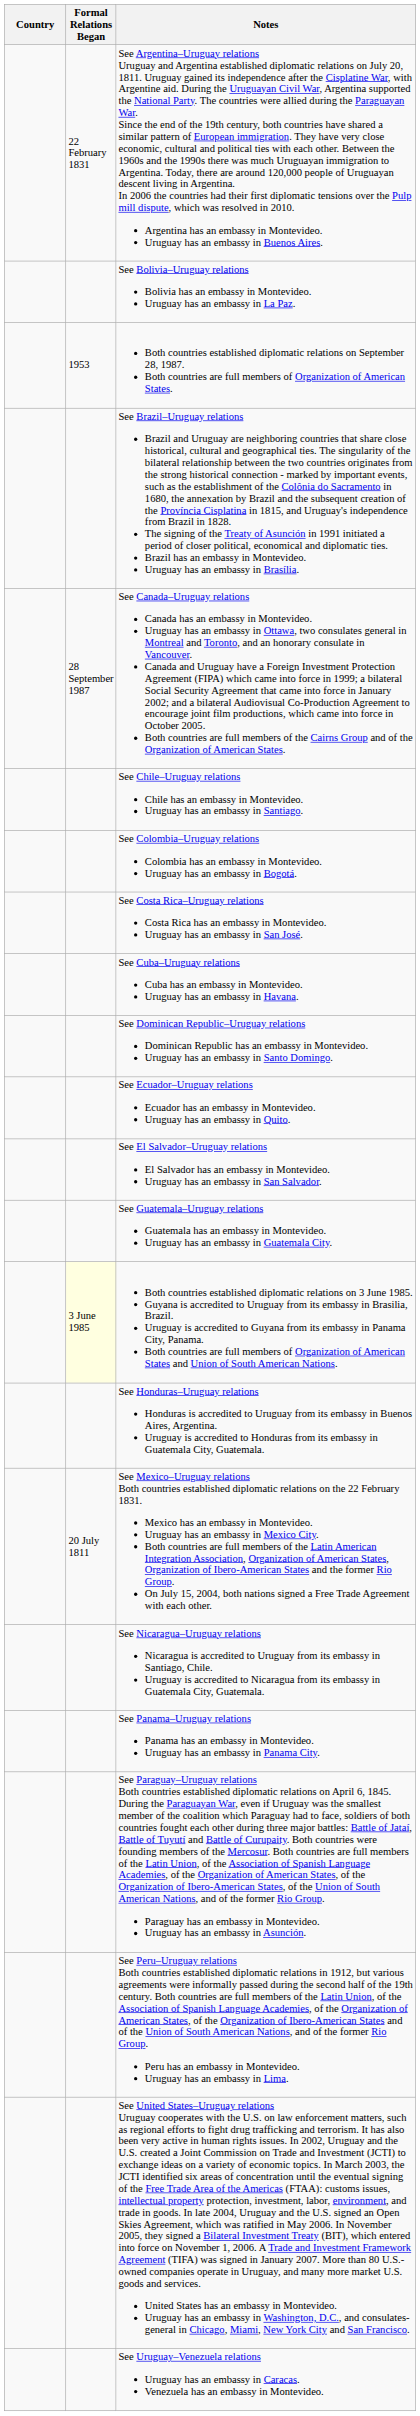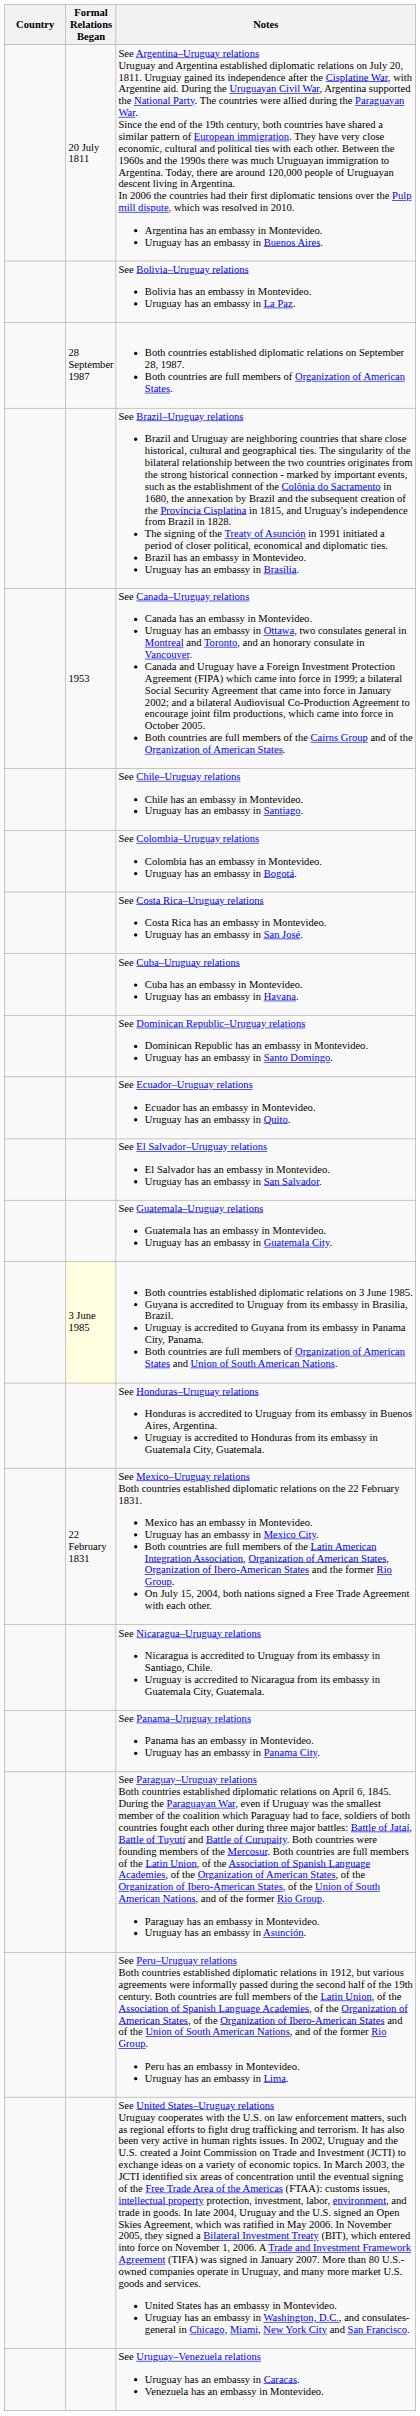 <table class="wikitable sortable" border="1" style="width:100%; margin:auto;">
 <tr>
 <th width="15%">Country</th>
 <th width="12%">Formal Relations Began</th>
 <th>Notes</th>
 </tr>
 <tr -valign="top">
 <td></td>
-<td> 22 February 1831</td>
+<td>20 July 1811</td>
 <td>See <a href='#'>Argentina–Uruguay relations</a><br>Uruguay and Argentina established diplomatic relations on July 20, 1811. Uruguay gained its independence after the <a href='#'>Cisplatine War</a>, with Argentine aid. During the <a href='#'>Uruguayan Civil War</a>, Argentina supported the <a href='#'>National Party</a>. The countries were allied during the <a href='#'>Paraguayan War</a>.<br>Since the end of the 19th century, both countries have shared a similar pattern of <a href='#'>European immigration</a>. They have very close economic, cultural and political ties with each other. Between the 1960s and the 1990s there was much Uruguayan immigration to Argentina. Today, there are around 120,000 people of Uruguayan descent living in Argentina.<br>In 2006 the countries had their first diplomatic tensions over the <a href='#'>Pulp mill dispute</a>, which was resolved in 2010.<ul><li>Argentina has an embassy in Montevideo.</li><li>Uruguay has an embassy in <a href='#'>Buenos Aires</a>.</li></ul></td>
 </tr>
 <tr -valign="top">
 <td></td>
 <td></td>
 <td>See <a href='#'>Bolivia–Uruguay relations</a><br><ul><li>Bolivia has an embassy in Montevideo.</li><li>Uruguay has an embassy in <a href='#'>La Paz</a>.</li></ul></td>
 </tr>
 <tr -valign="top">
 <td></td>
-<td> 1953</td>
+<td>28 September 1987</td>
 <td><br><ul><li>Both countries established diplomatic relations on September 28, 1987.</li><li>Both countries are full members of <a href='#'>Organization of American States</a>.</li></ul></td>
 </tr>
 <tr -valign="top">
 <td></td>
 <td></td>
 <td>See <a href='#'>Brazil–Uruguay relations</a><br><ul><li>Brazil and Uruguay are neighboring countries that share close historical, cultural and geographical ties.  The singularity of the bilateral relationship between the two countries originates from the strong historical connection - marked by important events, such as the establishment of the <a href='#'>Colônia do Sacramento</a> in 1680, the annexation by Brazil and the subsequent creation of the <a href='#'>Província Cisplatina</a> in 1815, and Uruguay's independence from Brazil in 1828.</li><li>The signing of the <a href='#'>Treaty of Asunción</a> in 1991 initiated a period of closer political, economical and diplomatic ties.</li><li>Brazil has an embassy in Montevideo.</li><li>Uruguay has an embassy in <a href='#'>Brasília</a>.</li></ul></td>
 </tr>
 <tr -valign="top">
 <td></td>
-<td>28 September 1987</td>
+<td> 1953</td>
 <td>See <a href='#'>Canada–Uruguay relations</a><br><ul><li>Canada has an embassy in Montevideo.</li><li>Uruguay has an embassy in <a href='#'>Ottawa</a>, two consulates general in <a href='#'>Montreal</a> and <a href='#'>Toronto</a>, and an honorary consulate in <a href='#'>Vancouver</a>.</li><li>Canada and Uruguay have a Foreign Investment Protection Agreement (FIPA) which came into force in 1999; a bilateral Social Security Agreement that came into force in January 2002; and a bilateral Audiovisual Co-Production Agreement to encourage joint film productions, which came into force in October 2005.</li><li>Both countries are full members of the <a href='#'>Cairns Group</a> and of the <a href='#'>Organization of American States</a>.</li></ul></td>
 </tr>
 <tr -valign="top">
 <td></td>
 <td></td>
 <td>See <a href='#'>Chile–Uruguay relations</a><br><ul><li>Chile has an embassy in Montevideo.</li><li>Uruguay has an embassy in <a href='#'>Santiago</a>.</li></ul></td>
 </tr>
 <tr -valign="top">
 <td></td>
 <td></td>
 <td>See <a href='#'>Colombia–Uruguay relations</a><br><ul><li>Colombia has an embassy in Montevideo.</li><li>Uruguay has an embassy in <a href='#'>Bogotá</a>.</li></ul></td>
 </tr>
 <tr -valign="top">
 <td></td>
 <td></td>
 <td>See <a href='#'>Costa Rica–Uruguay relations</a><br><ul><li>Costa Rica has an embassy in Montevideo.</li><li>Uruguay has an embassy in <a href='#'>San José</a>.</li></ul></td>
 </tr>
 <tr -valign="top">
 <td></td>
 <td></td>
 <td>See <a href='#'>Cuba–Uruguay relations</a><br><ul><li>Cuba has an embassy in Montevideo.</li><li>Uruguay has an embassy in <a href='#'>Havana</a>.</li></ul></td>
 </tr>
 <tr -valign="top">
 <td></td>
 <td></td>
 <td>See <a href='#'>Dominican Republic–Uruguay relations</a><br><ul><li>Dominican Republic has an embassy in Montevideo.</li><li>Uruguay has an embassy in <a href='#'>Santo Domingo</a>.</li></ul></td>
 </tr>
 <tr -valign="top">
 <td></td>
 <td></td>
 <td>See <a href='#'>Ecuador–Uruguay relations</a><br><ul><li>Ecuador has an embassy in Montevideo.</li><li>Uruguay has an embassy in <a href='#'>Quito</a>.</li></ul></td>
 </tr>
 <tr -valign="top">
 <td></td>
 <td></td>
 <td>See <a href='#'>El Salvador–Uruguay relations</a><br><ul><li>El Salvador has an embassy in Montevideo.</li><li>Uruguay has an embassy in <a href='#'>San Salvador</a>.</li></ul></td>
 </tr>
 <tr -valign="top">
 <td></td>
 <td></td>
 <td>See <a href='#'>Guatemala–Uruguay relations</a><br><ul><li>Guatemala has an embassy in Montevideo.</li><li>Uruguay has an embassy in <a href='#'>Guatemala City</a>.</li></ul></td>
 </tr>
 <tr -valign="top">
 <td></td>
 <td style="background: lightyellow;">3 June 1985</td>
 <td><br><ul><li>Both countries established diplomatic relations on 3 June 1985.</li><li>Guyana is accredited to Uruguay from its embassy in Brasilia, Brazil.</li><li>Uruguay is accredited to Guyana from its embassy in Panama City, Panama.</li><li>Both countries are full members of <a href='#'>Organization of American States</a> and <a href='#'>Union of South American Nations</a>.</li></ul></td>
 </tr>
 <tr -valign="top">
 <td></td>
 <td></td>
 <td>See <a href='#'>Honduras–Uruguay relations</a><br><ul><li>Honduras is accredited to Uruguay from its embassy in Buenos Aires, Argentina.</li><li>Uruguay is accredited to Honduras from its embassy in Guatemala City, Guatemala.</li></ul></td>
 </tr>
 <tr -valign="top">
 <td></td>
-<td>20 July 1811</td>
+<td> 22 February 1831</td>
 <td>See <a href='#'>Mexico–Uruguay relations</a><br>Both countries established diplomatic relations on the 22 February 1831.<ul><li>Mexico has an embassy in Montevideo.</li><li>Uruguay has an embassy in <a href='#'>Mexico City</a>.</li><li>Both countries are full members of the <a href='#'>Latin American Integration Association</a>, <a href='#'>Organization of American States</a>,  <a href='#'>Organization of Ibero-American States</a> and the former <a href='#'>Rio Group</a>.</li><li>On July 15, 2004, both nations signed a Free Trade Agreement with each other.</li></ul></td>
 </tr>
 <tr -valign="top">
 <td></td>
 <td></td>
 <td>See <a href='#'>Nicaragua–Uruguay relations</a><br><ul><li>Nicaragua is accredited to Uruguay from its embassy in Santiago, Chile.</li><li>Uruguay is accredited to Nicaragua from its embassy in Guatemala City, Guatemala.</li></ul></td>
 </tr>
 <tr -valign="top">
 <td></td>
 <td></td>
 <td>See <a href='#'>Panama–Uruguay relations</a><br><ul><li>Panama has an embassy in Montevideo.</li><li>Uruguay has an embassy in <a href='#'>Panama City</a>.</li></ul></td>
 </tr>
 <tr -valign="top">
 <td></td>
 <td></td>
 <td>See <a href='#'>Paraguay–Uruguay relations</a><br>Both countries established diplomatic relations on April 6, 1845. During the <a href='#'>Paraguayan War</a>, even if Uruguay was the smallest member of the coalition which Paraguay had to face, soldiers of both countries fought each other during three major battles: <a href='#'>Battle of Jataí</a>, <a href='#'>Battle of Tuyutí</a> and <a href='#'>Battle of Curupaity</a>. Both countries were founding members of the <a href='#'>Mercosur</a>. Both countries are full members of the <a href='#'>Latin Union</a>, of the <a href='#'>Association of Spanish Language Academies</a>, of the <a href='#'>Organization of American States</a>, of the <a href='#'>Organization of Ibero-American States</a>, of the <a href='#'>Union of South American Nations</a>, and of the former <a href='#'>Rio Group</a>.<ul><li>Paraguay has an embassy in Montevideo.</li><li>Uruguay has an embassy in <a href='#'>Asunción</a>.</li></ul></td>
 </tr>
 <tr -valign="top">
 <td></td>
 <td></td>
 <td>See <a href='#'>Peru–Uruguay relations</a><br>Both countries established diplomatic relations in 1912, but various agreements were informally passed during the second half of the 19th century.  Both countries are full members of the <a href='#'>Latin Union</a>, of the <a href='#'>Association of Spanish Language Academies</a>, of the <a href='#'>Organization of American States</a>, of the <a href='#'>Organization of Ibero-American States</a> and of the <a href='#'>Union of South American Nations</a>, and of the former <a href='#'>Rio Group</a>.<ul><li>Peru has an embassy in Montevideo.</li><li>Uruguay has an embassy in <a href='#'>Lima</a>.</li></ul></td>
 </tr>
 <tr -valign="top">
 <td></td>
 <td></td>
 <td>See <a href='#'>United States–Uruguay relations</a><br>Uruguay cooperates with the U.S. on law enforcement matters, such as regional efforts to fight drug trafficking and terrorism. It has also been very active in human rights issues. In 2002, Uruguay and the U.S. created a Joint Commission on Trade and Investment (JCTI) to exchange ideas on a variety of economic topics. In March 2003, the JCTI identified six areas of concentration until the eventual signing of the <a href='#'>Free Trade Area of the Americas</a> (FTAA): customs issues, <a href='#'>intellectual property</a> protection, investment, labor, <a href='#'>environment</a>, and trade in goods. In late 2004, Uruguay and the U.S. signed an Open Skies Agreement, which was ratified in May 2006. In November 2005, they signed a <a href='#'>Bilateral Investment Treaty</a> (BIT), which entered into force on November 1, 2006. A <a href='#'>Trade and Investment Framework Agreement</a> (TIFA) was signed in January 2007. More than 80 U.S.-owned companies operate in Uruguay, and many more market U.S. goods and services.<ul><li>United States has an embassy in Montevideo.</li><li>Uruguay has an embassy in <a href='#'>Washington, D.C.</a>, and consulates-general in <a href='#'>Chicago</a>, <a href='#'>Miami</a>, <a href='#'>New York City</a> and <a href='#'>San Francisco</a>.</li></ul></td>
 </tr>
 <tr -valign="top">
 <td></td>
 <td></td>
 <td>See <a href='#'>Uruguay–Venezuela relations</a><br><ul><li>Uruguay has an embassy in <a href='#'>Caracas</a>.</li><li>Venezuela has an embassy in Montevideo.</li></ul></td>
 </tr>
 </table>
